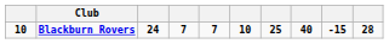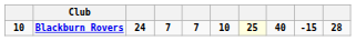 <table class="wikitable" style="text-align:center;border:1px solid #AAAAAA;font-size:90%">
 <tr>
 <th width=30></th>
 <th>Club</th>
 <th width=30></th>
 <th width=30></th>
 <th width=30></th>
 <th width=30></th>
 <th width=30></th>
 <th width=30></th>
 <th width=30></th>
 <th width=30></th>
 </tr>
 <tr>
 <td><strong>10</strong></td>
 <td align=left><strong><a href='#'>Blackburn Rovers</a></strong></td>
 <td><strong>24</strong></td>
 <td><strong>7</strong></td>
 <td><strong>7</strong></td>
 <td><strong>10</strong></td>
-<td><strong>25</strong></td>
+<td style="background: lightyellow;"><strong>25</strong></td>
 <td><strong>40</strong></td>
 <td><strong>-15</strong></td>
 <td><strong>28</strong></td>
 </tr>
 </table>
